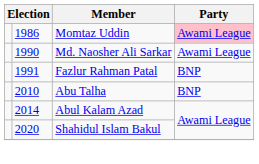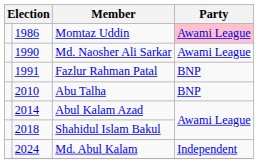 <table class="wikitable">
 <tr>
 <th colspan="2">Election</th>
 <th>Member</th>
 <th>Party</th>
 </tr>
 <tr>
 <td style="background-color:"></td>
 <td><a href='#'>1986</a></td>
 <td><a href='#'>Momtaz Uddin</a></td>
 <td style="background: pink;"><a href='#'>Awami League</a></td>
 </tr>
 <tr>
 <td style="background-color:"></td>
 <td><a href='#'>1990</a></td>
 <td><a href='#'>Md. Naosher Ali Sarkar</a></td>
 <td><a href='#'>Awami League</a></td>
 </tr>
 <tr>
 <td style="background-color:"></td>
 <td><a href='#'>1991</a></td>
 <td><a href='#'>Fazlur Rahman Patal</a></td>
 <td><a href='#'>BNP</a></td>
 </tr>
 <tr>
 <td style="background-color:"></td>
 <td><a href='#'>2010</a></td>
 <td><a href='#'>Abu Talha</a></td>
 <td><a href='#'>BNP</a></td>
 </tr>
 <tr>
 <td style="background-color:"></td>
 <td><a href='#'>2014</a></td>
 <td><a href='#'>Abul Kalam Azad</a></td>
 <td rowspan="2"><a href='#'>Awami League</a></td>
 </tr>
 <tr>
 <td style="background-color:"></td>
-<td><a href='#'>2020</a></td>
+<td><a href='#'>2018</a></td>
 <td><a href='#'>Shahidul Islam Bakul</a></td>
+</tr>
+<tr>
+<td style="background-color:"></td>
+<td><a href='#'>2024</a></td>
+<td><a href='#'>Md. Abul Kalam</a></td>
+<td><a href='#'>Independent</a></td>
 </tr>
 <tr>
 </tr>
 </table>
